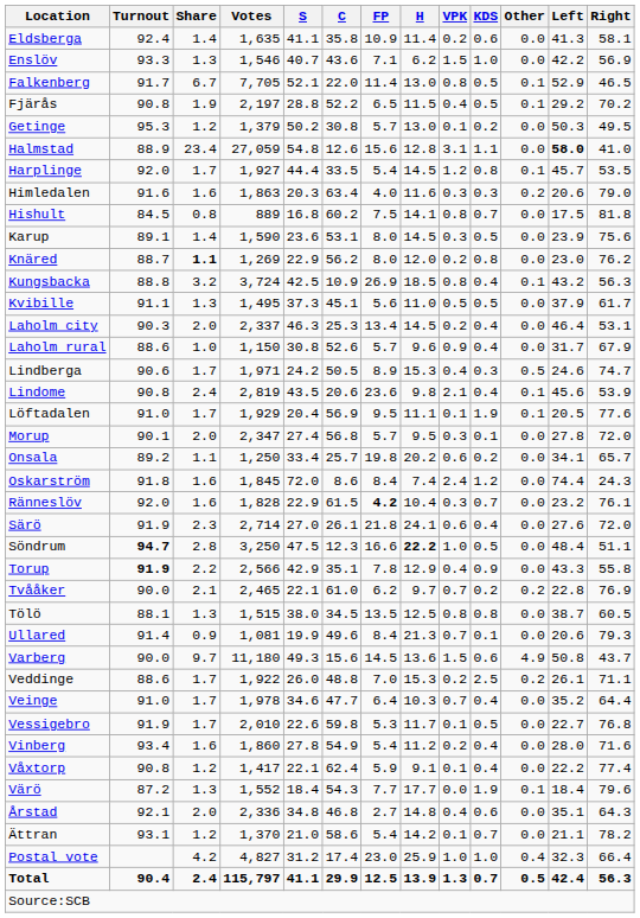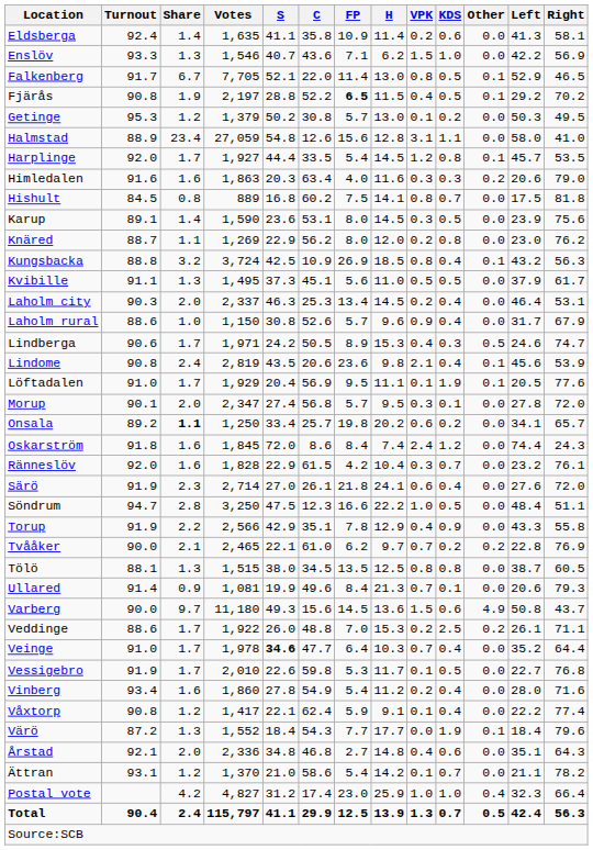 <table class="wikitable sortable" style=text-align:right>
 <tr>
 <th>Location</th>
 <th>Turnout</th>
 <th>Share</th>
 <th>Votes</th>
 <th><a href='#'>S</a></th>
 <th><a href='#'>C</a></th>
 <th><a href='#'>FP</a></th>
 <th><a href='#'>H</a></th>
 <th><a href='#'>VPK</a></th>
 <th><a href='#'>KDS</a></th>
 <th>Other</th>
 <th>Left</th>
 <th>Right</th>
 </tr>
 <tr>
 <td align=left><a href='#'>Eldsberga</a></td>
 <td>92.4</td>
 <td>1.4</td>
 <td>1,635</td>
 <td>41.1</td>
 <td>35.8</td>
 <td>10.9</td>
 <td>11.4</td>
 <td>0.2</td>
 <td>0.6</td>
 <td>0.0</td>
 <td>41.3</td>
 <td>58.1</td>
 </tr>
 <tr>
 <td align=left><a href='#'>Enslöv</a></td>
 <td>93.3</td>
 <td>1.3</td>
 <td>1,546</td>
 <td>40.7</td>
 <td>43.6</td>
 <td>7.1</td>
 <td>6.2</td>
 <td>1.5</td>
 <td>1.0</td>
 <td>0.0</td>
 <td>42.2</td>
 <td>56.9</td>
 </tr>
 <tr>
 <td align=left><a href='#'>Falkenberg</a></td>
 <td>91.7</td>
 <td>6.7</td>
 <td>7,705</td>
 <td>52.1</td>
 <td>22.0</td>
 <td>11.4</td>
 <td>13.0</td>
 <td>0.8</td>
 <td>0.5</td>
 <td>0.1</td>
 <td>52.9</td>
 <td>46.5</td>
 </tr>
 <tr>
 <td align=left>Fjärås</td>
 <td>90.8</td>
 <td>1.9</td>
 <td>2,197</td>
 <td>28.8</td>
 <td>52.2</td>
-<td>6.5</td>
+<td><strong>6.5</strong></td>
 <td>11.5</td>
 <td>0.4</td>
 <td>0.5</td>
 <td>0.1</td>
 <td>29.2</td>
 <td>70.2</td>
 </tr>
 <tr>
 <td align=left><a href='#'>Getinge</a></td>
 <td>95.3</td>
 <td>1.2</td>
 <td>1,379</td>
 <td>50.2</td>
 <td>30.8</td>
 <td>5.7</td>
 <td>13.0</td>
 <td>0.1</td>
 <td>0.2</td>
 <td>0.0</td>
 <td>50.3</td>
 <td>49.5</td>
 </tr>
 <tr>
 <td align=left><a href='#'>Halmstad</a></td>
 <td>88.9</td>
 <td>23.4</td>
 <td>27,059</td>
 <td>54.8</td>
 <td>12.6</td>
 <td>15.6</td>
 <td>12.8</td>
 <td>3.1</td>
 <td>1.1</td>
 <td>0.0</td>
-<td><strong>58.0</strong></td>
+<td>58.0</td>
 <td>41.0</td>
 </tr>
 <tr>
 <td align=left><a href='#'>Harplinge</a></td>
 <td>92.0</td>
 <td>1.7</td>
 <td>1,927</td>
 <td>44.4</td>
 <td>33.5</td>
 <td>5.4</td>
 <td>14.5</td>
 <td>1.2</td>
 <td>0.8</td>
 <td>0.1</td>
 <td>45.7</td>
 <td>53.5</td>
 </tr>
 <tr>
 <td align=left>Himledalen</td>
 <td>91.6</td>
 <td>1.6</td>
 <td>1,863</td>
 <td>20.3</td>
 <td>63.4</td>
 <td>4.0</td>
 <td>11.6</td>
 <td>0.3</td>
 <td>0.3</td>
 <td>0.2</td>
 <td>20.6</td>
 <td>79.0</td>
 </tr>
 <tr>
 <td align=left><a href='#'>Hishult</a></td>
 <td>84.5</td>
 <td>0.8</td>
 <td>889</td>
 <td>16.8</td>
 <td>60.2</td>
 <td>7.5</td>
 <td>14.1</td>
 <td>0.8</td>
 <td>0.7</td>
 <td>0.0</td>
 <td>17.5</td>
 <td>81.8</td>
 </tr>
 <tr>
 <td align=left>Karup</td>
 <td>89.1</td>
 <td>1.4</td>
 <td>1,590</td>
 <td>23.6</td>
 <td>53.1</td>
 <td>8.0</td>
 <td>14.5</td>
 <td>0.3</td>
 <td>0.5</td>
 <td>0.0</td>
 <td>23.9</td>
 <td>75.6</td>
 </tr>
 <tr>
 <td align=left><a href='#'>Knäred</a></td>
 <td>88.7</td>
-<td><strong>1.1</strong></td>
+<td>1.1</td>
 <td>1,269</td>
 <td>22.9</td>
 <td>56.2</td>
 <td>8.0</td>
 <td>12.0</td>
 <td>0.2</td>
 <td>0.8</td>
 <td>0.0</td>
 <td>23.0</td>
 <td>76.2</td>
 </tr>
 <tr>
 <td align=left><a href='#'>Kungsbacka</a></td>
 <td>88.8</td>
 <td>3.2</td>
 <td>3,724</td>
 <td>42.5</td>
 <td>10.9</td>
 <td>26.9</td>
 <td>18.5</td>
 <td>0.8</td>
 <td>0.4</td>
 <td>0.1</td>
 <td>43.2</td>
 <td>56.3</td>
 </tr>
 <tr>
 <td align=left><a href='#'>Kvibille</a></td>
 <td>91.1</td>
 <td>1.3</td>
 <td>1,495</td>
 <td>37.3</td>
 <td>45.1</td>
 <td>5.6</td>
 <td>11.0</td>
 <td>0.5</td>
 <td>0.5</td>
 <td>0.0</td>
 <td>37.9</td>
 <td>61.7</td>
 </tr>
 <tr>
 <td align=left><a href='#'>Laholm city</a></td>
 <td>90.3</td>
 <td>2.0</td>
 <td>2,337</td>
 <td>46.3</td>
 <td>25.3</td>
 <td>13.4</td>
 <td>14.5</td>
 <td>0.2</td>
 <td>0.4</td>
 <td>0.0</td>
 <td>46.4</td>
 <td>53.1</td>
 </tr>
 <tr>
 <td align=left><a href='#'>Laholm rural</a></td>
 <td>88.6</td>
 <td>1.0</td>
 <td>1,150</td>
 <td>30.8</td>
 <td>52.6</td>
 <td>5.7</td>
 <td>9.6</td>
 <td>0.9</td>
 <td>0.4</td>
 <td>0.0</td>
 <td>31.7</td>
 <td>67.9</td>
 </tr>
 <tr>
 <td align=left>Lindberga</td>
 <td>90.6</td>
 <td>1.7</td>
 <td>1,971</td>
 <td>24.2</td>
 <td>50.5</td>
 <td>8.9</td>
 <td>15.3</td>
 <td>0.4</td>
 <td>0.3</td>
 <td>0.5</td>
 <td>24.6</td>
 <td>74.7</td>
 </tr>
 <tr>
 <td align=left><a href='#'>Lindome</a></td>
 <td>90.8</td>
 <td>2.4</td>
 <td>2,819</td>
 <td>43.5</td>
 <td>20.6</td>
 <td>23.6</td>
 <td>9.8</td>
 <td>2.1</td>
 <td>0.4</td>
 <td>0.1</td>
 <td>45.6</td>
 <td>53.9</td>
 </tr>
 <tr>
 <td align=left>Löftadalen</td>
 <td>91.0</td>
 <td>1.7</td>
 <td>1,929</td>
 <td>20.4</td>
 <td>56.9</td>
 <td>9.5</td>
 <td>11.1</td>
 <td>0.1</td>
 <td>1.9</td>
 <td>0.1</td>
 <td>20.5</td>
 <td>77.6</td>
 </tr>
 <tr>
 <td align=left><a href='#'>Morup</a></td>
 <td>90.1</td>
 <td>2.0</td>
 <td>2,347</td>
 <td>27.4</td>
 <td>56.8</td>
 <td>5.7</td>
 <td>9.5</td>
 <td>0.3</td>
 <td>0.1</td>
 <td>0.0</td>
 <td>27.8</td>
 <td>72.0</td>
 </tr>
 <tr>
 <td align=left><a href='#'>Onsala</a></td>
 <td>89.2</td>
-<td>1.1</td>
+<td><strong>1.1</strong></td>
 <td>1,250</td>
 <td>33.4</td>
 <td>25.7</td>
 <td>19.8</td>
 <td>20.2</td>
 <td>0.6</td>
 <td>0.2</td>
 <td>0.0</td>
 <td>34.1</td>
 <td>65.7</td>
 </tr>
 <tr>
 <td align=left><a href='#'>Oskarström</a></td>
 <td>91.8</td>
 <td>1.6</td>
 <td>1,845</td>
 <td>72.0</td>
 <td>8.6</td>
 <td>8.4</td>
 <td>7.4</td>
 <td>2.4</td>
 <td>1.2</td>
 <td>0.0</td>
 <td>74.4</td>
 <td>24.3</td>
 </tr>
 <tr>
 <td align=left><a href='#'>Ränneslöv</a></td>
 <td>92.0</td>
 <td>1.6</td>
 <td>1,828</td>
 <td>22.9</td>
 <td>61.5</td>
-<td><strong>4.2</strong></td>
+<td>4.2</td>
 <td>10.4</td>
 <td>0.3</td>
 <td>0.7</td>
 <td>0.0</td>
 <td>23.2</td>
 <td>76.1</td>
 </tr>
 <tr>
 <td align=left><a href='#'>Särö</a></td>
 <td>91.9</td>
 <td>2.3</td>
 <td>2,714</td>
 <td>27.0</td>
 <td>26.1</td>
 <td>21.8</td>
 <td>24.1</td>
 <td>0.6</td>
 <td>0.4</td>
 <td>0.0</td>
 <td>27.6</td>
 <td>72.0</td>
 </tr>
 <tr>
 <td align=left>Söndrum</td>
-<td><strong>94.7</strong></td>
+<td>94.7</td>
 <td>2.8</td>
 <td>3,250</td>
 <td>47.5</td>
 <td>12.3</td>
 <td>16.6</td>
-<td><strong>22.2</strong></td>
+<td>22.2</td>
 <td>1.0</td>
 <td>0.5</td>
 <td>0.0</td>
 <td>48.4</td>
 <td>51.1</td>
 </tr>
 <tr>
 <td align=left><a href='#'>Torup</a></td>
-<td><strong>91.9</strong></td>
+<td>91.9</td>
 <td>2.2</td>
 <td>2,566</td>
 <td>42.9</td>
 <td>35.1</td>
 <td>7.8</td>
 <td>12.9</td>
 <td>0.4</td>
 <td>0.9</td>
 <td>0.0</td>
 <td>43.3</td>
 <td>55.8</td>
 </tr>
 <tr>
 <td align=left><a href='#'>Tvååker</a></td>
 <td>90.0</td>
 <td>2.1</td>
 <td>2,465</td>
 <td>22.1</td>
 <td>61.0</td>
 <td>6.2</td>
 <td>9.7</td>
 <td>0.7</td>
 <td>0.2</td>
 <td>0.2</td>
 <td>22.8</td>
 <td>76.9</td>
 </tr>
 <tr>
 <td align=left>Tölö</td>
 <td>88.1</td>
 <td>1.3</td>
 <td>1,515</td>
 <td>38.0</td>
 <td>34.5</td>
 <td>13.5</td>
 <td>12.5</td>
 <td>0.8</td>
 <td>0.8</td>
 <td>0.0</td>
 <td>38.7</td>
 <td>60.5</td>
 </tr>
 <tr>
 <td align=left><a href='#'>Ullared</a></td>
 <td>91.4</td>
 <td>0.9</td>
 <td>1,081</td>
 <td>19.9</td>
 <td>49.6</td>
 <td>8.4</td>
 <td>21.3</td>
 <td>0.7</td>
 <td>0.1</td>
 <td>0.0</td>
 <td>20.6</td>
 <td>79.3</td>
 </tr>
 <tr>
 <td align=left><a href='#'>Varberg</a></td>
 <td>90.0</td>
 <td>9.7</td>
 <td>11,180</td>
 <td>49.3</td>
 <td>15.6</td>
 <td>14.5</td>
 <td>13.6</td>
 <td>1.5</td>
 <td>0.6</td>
 <td>4.9</td>
 <td>50.8</td>
 <td>43.7</td>
 </tr>
 <tr>
 <td align=left>Veddinge</td>
 <td>88.6</td>
 <td>1.7</td>
 <td>1,922</td>
 <td>26.0</td>
 <td>48.8</td>
 <td>7.0</td>
 <td>15.3</td>
 <td>0.2</td>
 <td>2.5</td>
 <td>0.2</td>
 <td>26.1</td>
 <td>71.1</td>
 </tr>
 <tr>
 <td align=left><a href='#'>Veinge</a></td>
 <td>91.0</td>
 <td>1.7</td>
 <td>1,978</td>
-<td>34.6</td>
+<td><strong>34.6</strong></td>
 <td>47.7</td>
 <td>6.4</td>
 <td>10.3</td>
 <td>0.7</td>
 <td>0.4</td>
 <td>0.0</td>
 <td>35.2</td>
 <td>64.4</td>
 </tr>
 <tr>
 <td align=left><a href='#'>Vessigebro</a></td>
 <td>91.9</td>
 <td>1.7</td>
 <td>2,010</td>
 <td>22.6</td>
 <td>59.8</td>
 <td>5.3</td>
 <td>11.7</td>
 <td>0.1</td>
 <td>0.5</td>
 <td>0.0</td>
 <td>22.7</td>
 <td>76.8</td>
 </tr>
 <tr>
 <td align=left><a href='#'>Vinberg</a></td>
 <td>93.4</td>
 <td>1.6</td>
 <td>1,860</td>
 <td>27.8</td>
 <td>54.9</td>
 <td>5.4</td>
 <td>11.2</td>
 <td>0.2</td>
 <td>0.4</td>
 <td>0.0</td>
 <td>28.0</td>
 <td>71.6</td>
 </tr>
 <tr>
 <td align=left><a href='#'>Våxtorp</a></td>
 <td>90.8</td>
 <td>1.2</td>
 <td>1,417</td>
 <td>22.1</td>
 <td>62.4</td>
 <td>5.9</td>
 <td>9.1</td>
 <td>0.1</td>
 <td>0.4</td>
 <td>0.0</td>
 <td>22.2</td>
 <td>77.4</td>
 </tr>
 <tr>
 <td align=left><a href='#'>Värö</a></td>
 <td>87.2</td>
 <td>1.3</td>
 <td>1,552</td>
 <td>18.4</td>
 <td>54.3</td>
 <td>7.7</td>
 <td>17.7</td>
 <td>0.0</td>
 <td>1.9</td>
 <td>0.1</td>
 <td>18.4</td>
 <td>79.6</td>
 </tr>
 <tr>
 <td align=left><a href='#'>Årstad</a></td>
 <td>92.1</td>
 <td>2.0</td>
 <td>2,336</td>
 <td>34.8</td>
 <td>46.8</td>
 <td>2.7</td>
 <td>14.8</td>
 <td>0.4</td>
 <td>0.6</td>
 <td>0.0</td>
 <td>35.1</td>
 <td>64.3</td>
 </tr>
 <tr>
 <td align=left>Ättran</td>
 <td>93.1</td>
 <td>1.2</td>
 <td>1,370</td>
 <td>21.0</td>
 <td>58.6</td>
 <td>5.4</td>
 <td>14.2</td>
 <td>0.1</td>
 <td>0.7</td>
 <td>0.0</td>
 <td>21.1</td>
 <td>78.2</td>
 </tr>
 <tr>
 <td align=left><a href='#'>Postal vote</a></td>
 <td></td>
 <td>4.2</td>
 <td>4,827</td>
 <td>31.2</td>
 <td>17.4</td>
 <td>23.0</td>
 <td>25.9</td>
 <td>1.0</td>
 <td>1.0</td>
 <td>0.4</td>
 <td>32.3</td>
 <td>66.4</td>
 </tr>
 <tr>
 <td align=left><strong>Total</strong></td>
 <td><strong>90.4</strong></td>
 <td><strong>2.4</strong></td>
 <td><strong>115,797</strong></td>
 <td><strong>41.1</strong></td>
 <td><strong>29.9</strong></td>
 <td><strong>12.5</strong></td>
 <td><strong>13.9</strong></td>
 <td><strong>1.3</strong></td>
 <td><strong>0.7</strong></td>
 <td><strong>0.5</strong></td>
 <td><strong>42.4</strong></td>
 <td><strong>56.3</strong></td>
 </tr>
 <tr>
 <td align=left colspan=13>Source:SCB </td>
 </tr>
 </table>
